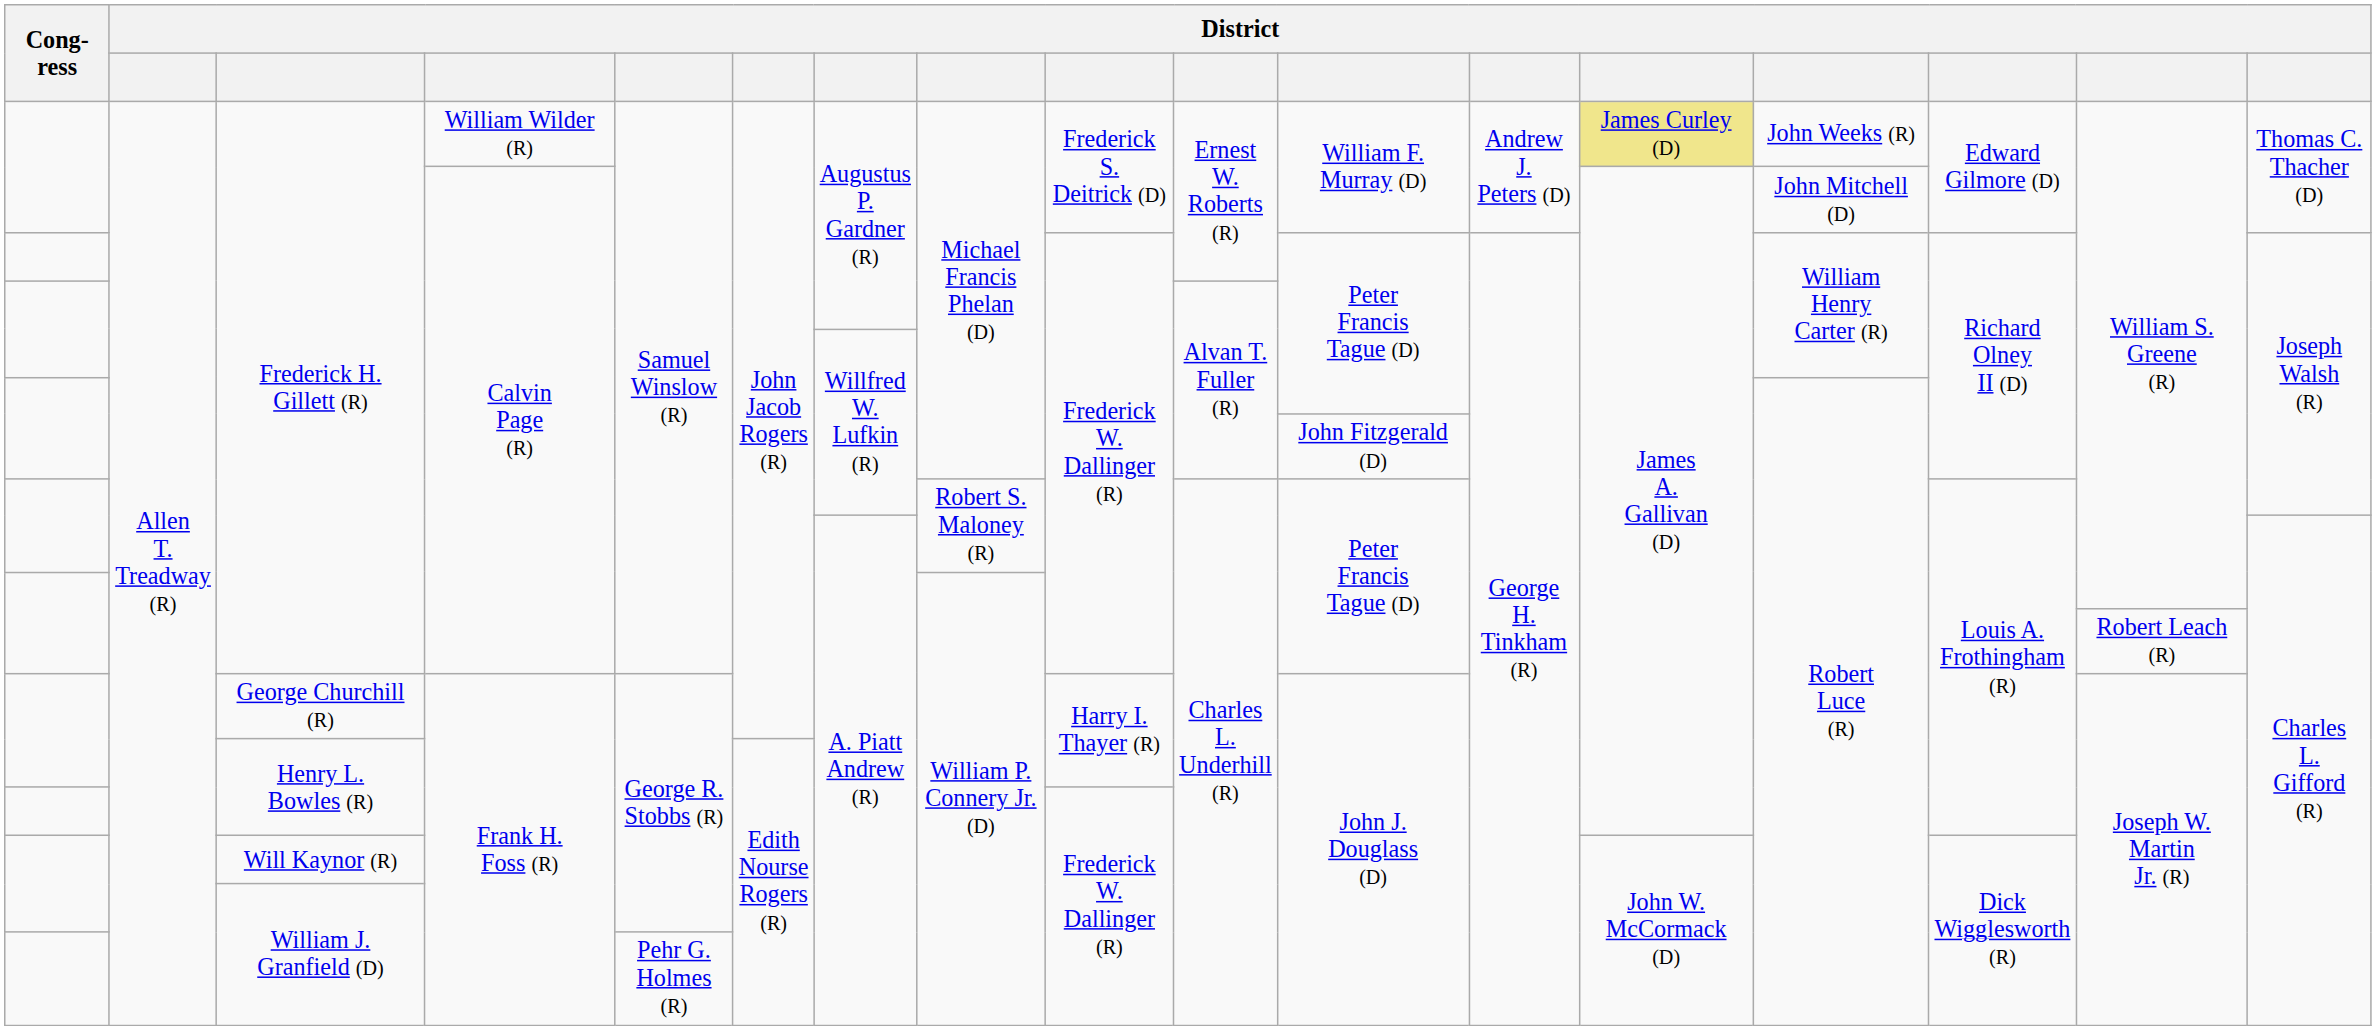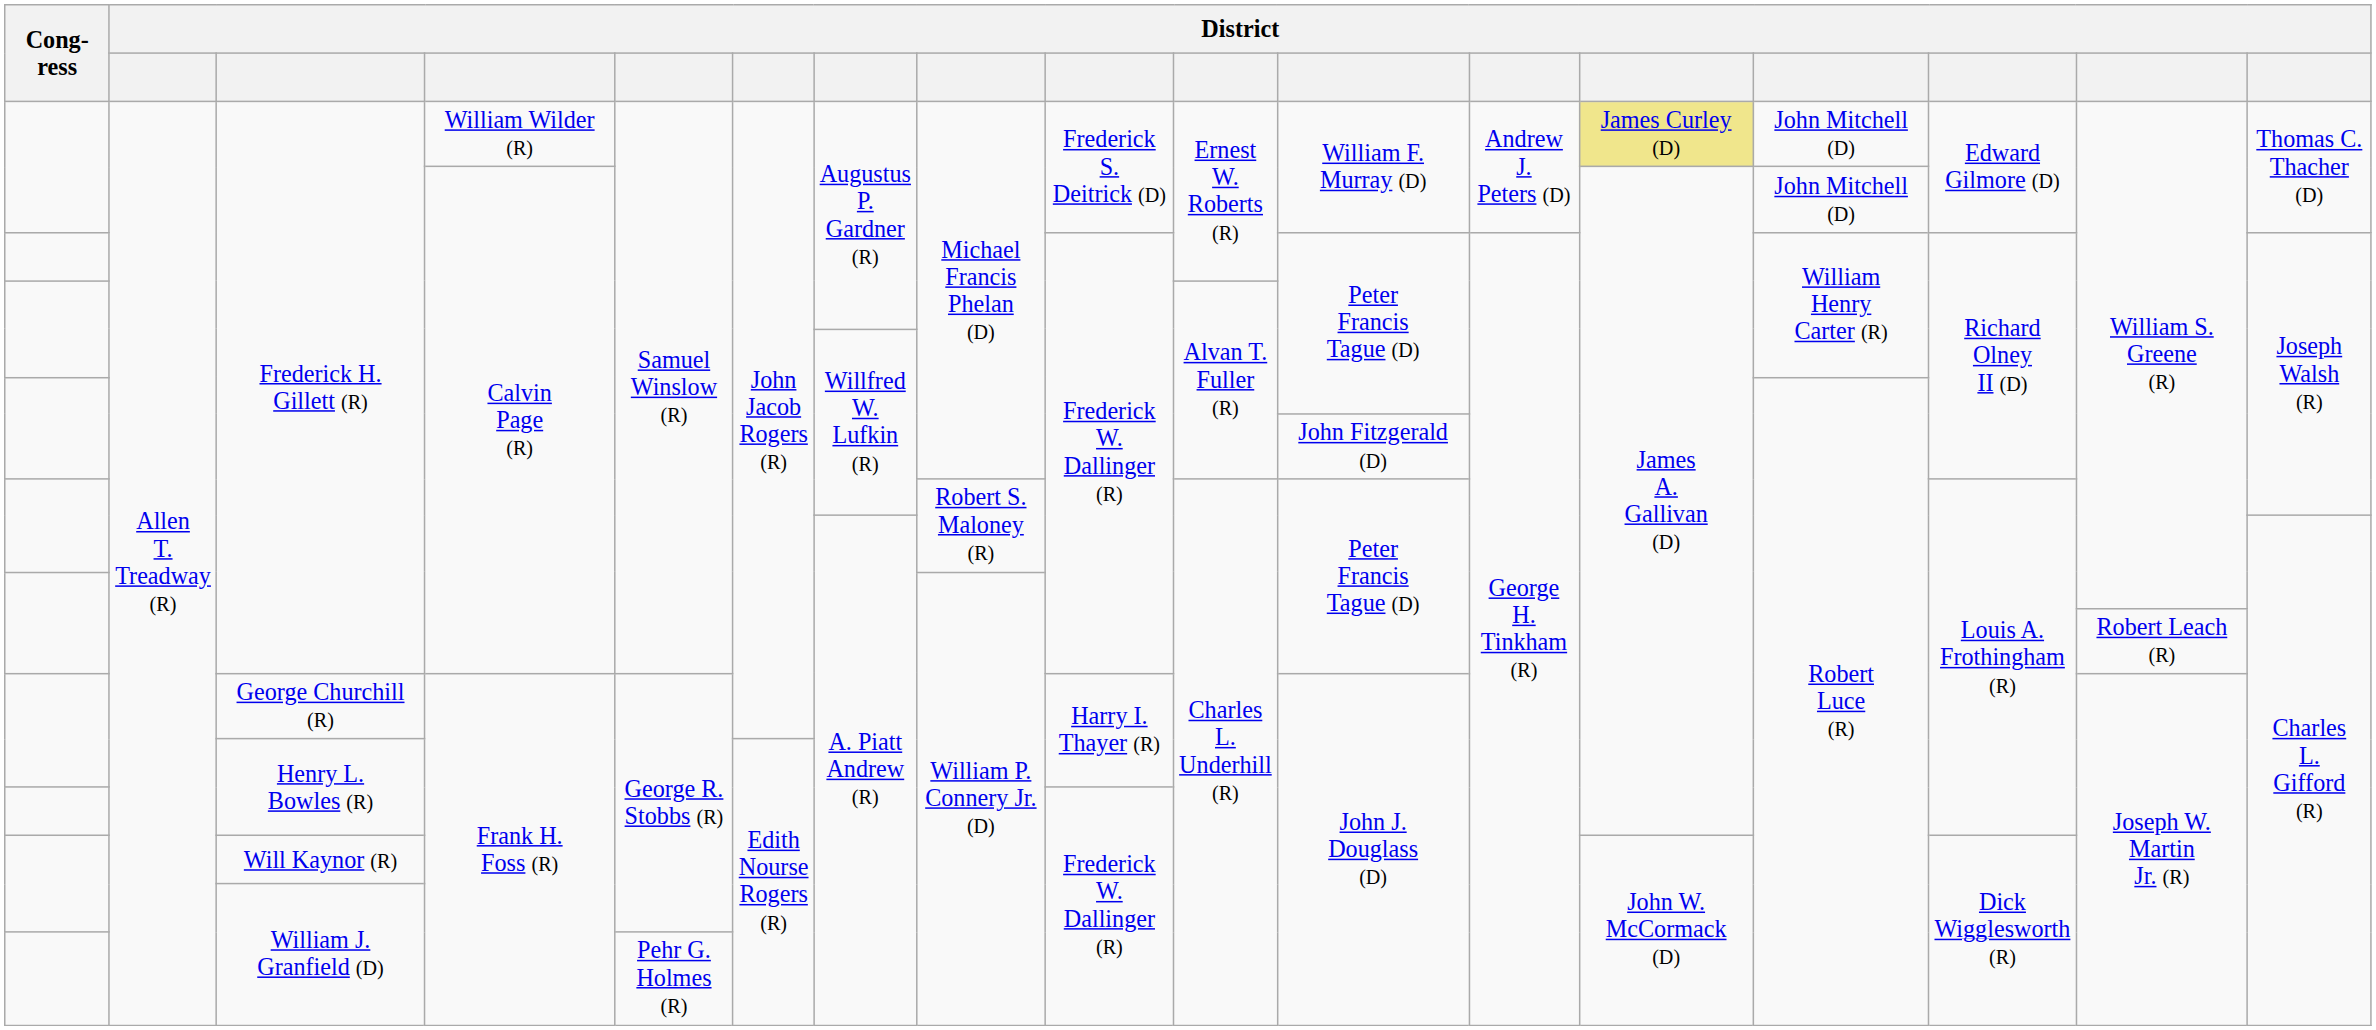 <table class=wikitable style="text-align:center">
 <tr style="height:2em">
 <th rowspan=2>Cong­ress</th>
 <th colspan=16>District</th>
 </tr>
 <tr style="height:2em">
 <th></th>
 <th></th>
 <th></th>
 <th></th>
 <th></th>
 <th></th>
 <th></th>
 <th></th>
 <th></th>
 <th></th>
 <th></th>
 <th></th>
 <th></th>
 <th></th>
 <th></th>
 <th></th>
 </tr>
 <tr style="height:2em">
 <td scope=row rowspan=2><strong></strong><br></td>
 <td rowspan=17 ><a href='#'>Allen<br>T.<br>Treadway</a><br><small>(R)</small></td>
 <td rowspan=11 ><a href='#'>Frederick H.<br>Gillett</a> <small>(R)</small></td>
 <td><a href='#'>William Wilder</a> <small>(R)</small></td>
 <td rowspan=11 ><a href='#'>Samuel<br>Winslow</a><br><small>(R)</small></td>
 <td rowspan=12 ><a href='#'>John<br>Jacob<br>Rogers</a><br><small>(R)</small></td>
 <td rowspan=4 ><a href='#'>Augustus<br>P.<br>Gardner</a><br><small>(R)</small></td>
 <td rowspan=7 ><a href='#'>Michael<br>Francis<br>Phelan</a><br><small>(D)</small></td>
 <td rowspan=2 ><a href='#'>Frederick S.<br>Deitrick</a> <small>(D)</small></td>
 <td rowspan=3 ><a href='#'>Ernest<br>W.<br>Roberts</a><br><small>(R)</small></td>
 <td rowspan=2 ><a href='#'>William F.<br>Murray</a> <small>(D)</small></td>
 <td rowspan=2 ><a href='#'>Andrew J.<br>Peters</a> <small>(D)</small></td>
 <td style="background: khaki;"><a href='#'>James Curley</a> <small>(D)</small></td>
-<td><a href='#'>John Weeks</a> <small>(R)</small></td>
+<td><a href='#'>John Mitchell</a> <small>(D)</small></td>
 <td rowspan=2 ><a href='#'>Edward<br>Gilmore</a> <small>(D)</small></td>
 <td rowspan=10 ><a href='#'>William S.<br>Greene</a><br><small>(R)</small></td>
 <td rowspan=2 ><a href='#'>Thomas C.<br>Thacher</a> <small>(D)</small></td>
 </tr>
 <tr style="height:2em">
 <td rowspan=10 ><a href='#'>Calvin<br>Page</a><br><small>(R)</small></td>
 <td rowspan=13 ><a href='#'>James<br>A.<br>Gallivan</a><br><small>(D)</small></td>
 <td><a href='#'>John Mitchell</a> <small>(D)</small></td>
 </tr>
 <tr style="height:2em">
 <td scope=row><strong></strong><br></td>
 <td rowspan=9 ><a href='#'>Frederick<br>W.<br>Dallinger</a><br><small>(R)</small></td>
 <td rowspan=4 ><a href='#'>Peter<br>Francis<br>Tague</a> <small>(D)</small></td>
 <td rowspan=15 ><a href='#'>George<br>H.<br>Tinkham</a><br><small>(R)</small></td>
 <td rowspan=3 ><a href='#'>William<br>Henry<br>Carter</a> <small>(R)</small></td>
 <td rowspan=5 ><a href='#'>Richard<br>Olney<br>II</a> <small>(D)</small></td>
 <td rowspan=6 ><a href='#'>Joseph<br>Walsh</a><br><small>(R)</small></td>
 </tr>
 <tr style="height:2em">
 <td scope=row rowspan=2><strong></strong><br></td>
 <td rowspan=4 ><a href='#'>Alvan T.<br>Fuller</a><br><small>(R)</small></td>
 </tr>
 <tr style="height:2em">
 <td rowspan=4 ><a href='#'>Willfred<br>W.<br>Lufkin</a><br><small>(R)</small></td>
 </tr>
 <tr style="height:1.5em">
 <td scope=row rowspan=2><strong></strong><br></td>
 <td rowspan=12 ><a href='#'>Robert<br>Luce</a><br><small>(R)</small></td>
 </tr>
 <tr style="height:2em">
 <td><a href='#'>John Fitzgerald</a> <small>(D)</small></td>
 </tr>
 <tr style="height:1.5em">
 <td scope=row rowspan=2><strong></strong><br></td>
 <td rowspan=2 ><a href='#'>Robert S.<br>Maloney</a> <small>(R)</small></td>
 <td rowspan=10 ><a href='#'>Charles<br>L.<br>Underhill</a><br><small>(R)</small></td>
 <td rowspan=4 ><a href='#'>Peter<br>Francis<br>Tague</a> <small>(D)</small></td>
 <td rowspan=7 ><a href='#'>Louis A.<br>Frothingham</a><br><small>(R)</small></td>
 </tr>
 <tr style="height:1.5em">
 <td rowspan=9 ><a href='#'>A. Piatt<br>Andrew</a><br><small>(R)</small></td>
 <td rowspan=9 ><a href='#'>Charles<br>L.<br>Gifford</a><br><small>(R)</small></td>
 </tr>
 <tr style="height:1.5em">
 <td scope=row rowspan=2><strong></strong><br></td>
 <td rowspan=8 ><a href='#'>William P.<br>Connery Jr.</a><br><small>(D)</small></td>
 </tr>
 <tr style="height:2em">
 <td><a href='#'>Robert Leach</a> <small>(R)</small></td>
 </tr>
 <tr style="height:2em">
 <td scope=row rowspan=2><strong></strong><br></td>
 <td><a href='#'>George Churchill</a> <small>(R)</small></td>
 <td rowspan=6 ><a href='#'>Frank H.<br>Foss</a> <small>(R)</small></td>
 <td rowspan=5 ><a href='#'>George R.<br>Stobbs</a> <small>(R)</small></td>
 <td rowspan=2 ><a href='#'>Harry I.<br>Thayer</a> <small>(R)</small></td>
 <td rowspan=6 ><a href='#'>John J.<br>Douglass</a><br><small>(D)</small></td>
 <td rowspan=6 ><a href='#'>Joseph W.<br>Martin<br>Jr.</a> <small>(R)</small></td>
 </tr>
 <tr style="height:2em">
 <td rowspan=2 ><a href='#'>Henry L.<br>Bowles</a> <small>(R)</small></td>
 <td rowspan=5 ><a href='#'>Edith<br>Nourse<br>Rogers</a><br><small>(R)</small></td>
 </tr>
 <tr style="height:2em">
 <td scope=row><strong></strong><br></td>
 <td rowspan=4 ><a href='#'>Frederick<br>W.<br>Dallinger</a><br><small>(R)</small></td>
 </tr>
 <tr style="height:2em">
 <td scope=row rowspan=2><strong></strong><br></td>
 <td><a href='#'>Will Kaynor</a> <small>(R)</small></td>
 <td rowspan=3 ><a href='#'>John W.<br>McCormack</a><br><small>(D)</small></td>
 <td rowspan=3 ><a href='#'>Dick<br>Wigglesworth</a><br><small>(R)</small></td>
 </tr>
 <tr style="height:2em">
 <td rowspan=2 ><a href='#'>William J.<br>Granfield</a> <small>(D)</small></td>
 </tr>
 <tr style="height:2em">
 <td scope=row><strong></strong><br></td>
 <td><a href='#'>Pehr G.<br>Holmes</a> <small>(R)</small></td>
 </tr>
 </table>
